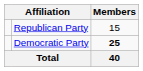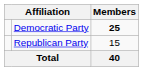 <table class="wikitable">
 <tr>
 <th colspan="2">Affiliation</th>
 <th>Members</th>
 </tr>
 <tr>
 <td style="background-color:"> </td>
-<td><a href='#'>Republican Party</a></td>
-<td style="text-align:center;">15</td>
+<td><a href='#'>Democratic Party</a></td>
+<td style="text-align:center;"><strong>25</strong></td>
 </tr>
 <tr>
 <td style="background-color:"> </td>
-<td><a href='#'>Democratic Party</a></td>
-<td style="text-align:center;"><strong>25</strong></td>
+<td><a href='#'>Republican Party</a></td>
+<td style="text-align:center;">15</td>
 </tr>
 <tr>
 <th colspan="2" style="text-align:center;">Total</th>
 <th style="text-align:center;">40</th>
 </tr>
 </table>
